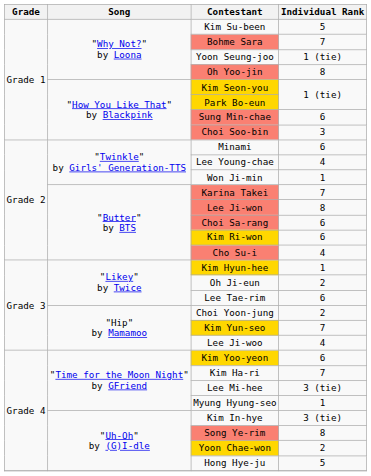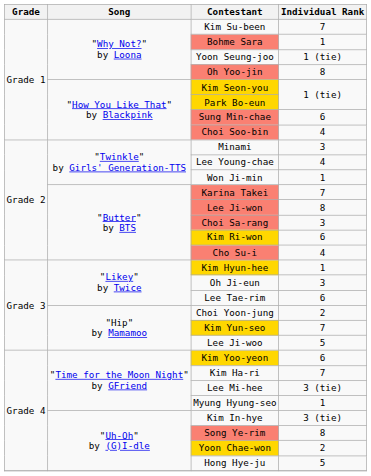 <table class="wikitable" style="text-align:center">
 <tr>
 <th colspan=1>Grade</th>
 <th colspan=1>Song</th>
 <th colspan=1>Contestant</th>
 <th colspan=1>Individual Rank</th>
 </tr>
 <tr>
 <td rowspan=8>Grade 1</td>
 <td rowspan=4>"<a href='#'>Why Not?</a>"<br>by <a href='#'>Loona</a></td>
 <td>Kim Su-been</td>
-<td>5</td>
+<td>7</td>
 </tr>
 <tr>
 <td style="background:salmon">Bohme Sara</td>
-<td>7</td>
+<td>1</td>
 </tr>
 <tr>
 <td>Yoon Seung-joo</td>
 <td>1 (tie)</td>
 </tr>
 <tr>
 <td style="background:salmon">Oh Yoo-jin</td>
 <td>8</td>
 </tr>
 <tr>
 <td rowspan=4>"<a href='#'>How You Like That</a>"<br>by <a href='#'>Blackpink</a></td>
 <td style="background:gold">Kim Seon-you</td>
 <td rowspan=2>1 (tie)</td>
 </tr>
 <tr>
 <td style="background:gold">Park Bo-eun</td>
 </tr>
 <tr>
 <td style="background:salmon">Sung Min-chae</td>
 <td>6</td>
 </tr>
 <tr>
 <td style="background:salmon">Choi Soo-bin</td>
-<td>3</td>
+<td>4</td>
 </tr>
 <tr>
 <td rowspan=8>Grade 2</td>
 <td rowspan=3>"<a href='#'>Twinkle</a>"<br>by <a href='#'>Girls' Generation-TTS</a></td>
 <td>Minami</td>
-<td>6</td>
+<td>3</td>
 </tr>
 <tr>
 <td>Lee Young-chae</td>
 <td>4</td>
 </tr>
 <tr>
 <td>Won Ji-min</td>
 <td>1</td>
 </tr>
 <tr>
 <td rowspan=5>"<a href='#'>Butter</a>"<br>by <a href='#'>BTS</a></td>
 <td style="background:salmon">Karina Takei</td>
 <td>7</td>
 </tr>
 <tr>
 <td style="background:salmon">Lee Ji-won</td>
 <td>8</td>
 </tr>
 <tr>
 <td style="background:salmon">Choi Sa-rang</td>
-<td>6</td>
+<td>3</td>
 </tr>
 <tr>
 <td style="background:gold">Kim Ri-won</td>
 <td>6</td>
 </tr>
 <tr>
 <td style="background:salmon">Cho Su-i</td>
 <td>4</td>
 </tr>
 <tr>
 <td rowspan=6>Grade 3</td>
 <td rowspan=3>"<a href='#'>Likey</a>"<br>by <a href='#'>Twice</a></td>
 <td style="background:gold">Kim Hyun-hee</td>
 <td>1</td>
 </tr>
 <tr>
 <td>Oh Ji-eun</td>
-<td>2</td>
+<td>3</td>
 </tr>
 <tr>
 <td>Lee Tae-rim</td>
 <td>6</td>
 </tr>
 <tr>
 <td rowspan=3>"Hip"<br>by <a href='#'>Mamamoo</a></td>
 <td>Choi Yoon-jung</td>
 <td>2</td>
 </tr>
 <tr>
 <td style="background:gold">Kim Yun-seo</td>
 <td>7</td>
 </tr>
 <tr>
 <td>Lee Ji-woo</td>
-<td>4</td>
+<td>5</td>
 </tr>
 <tr>
 <td rowspan=8>Grade 4</td>
 <td rowspan=4>"<a href='#'>Time for the Moon Night</a>"<br>by <a href='#'>GFriend</a></td>
 <td style="background:gold">Kim Yoo-yeon</td>
 <td>6</td>
 </tr>
 <tr>
 <td>Kim Ha-ri</td>
 <td>7</td>
 </tr>
 <tr>
 <td>Lee Mi-hee</td>
 <td>3 (tie)</td>
 </tr>
 <tr>
 <td>Myung Hyung-seo</td>
 <td>1</td>
 </tr>
 <tr>
 <td rowspan=4>"<a href='#'>Uh-Oh</a>"<br>by <a href='#'>(G)I-dle</a></td>
 <td>Kim In-hye</td>
 <td>3 (tie)</td>
 </tr>
 <tr>
 <td style="background:salmon">Song Ye-rim</td>
 <td>8</td>
 </tr>
 <tr>
 <td style="background:gold">Yoon Chae-won</td>
 <td>2</td>
 </tr>
 <tr>
 <td>Hong Hye-ju</td>
 <td>5</td>
 </tr>
 <tr>
 </tr>
 </table>
